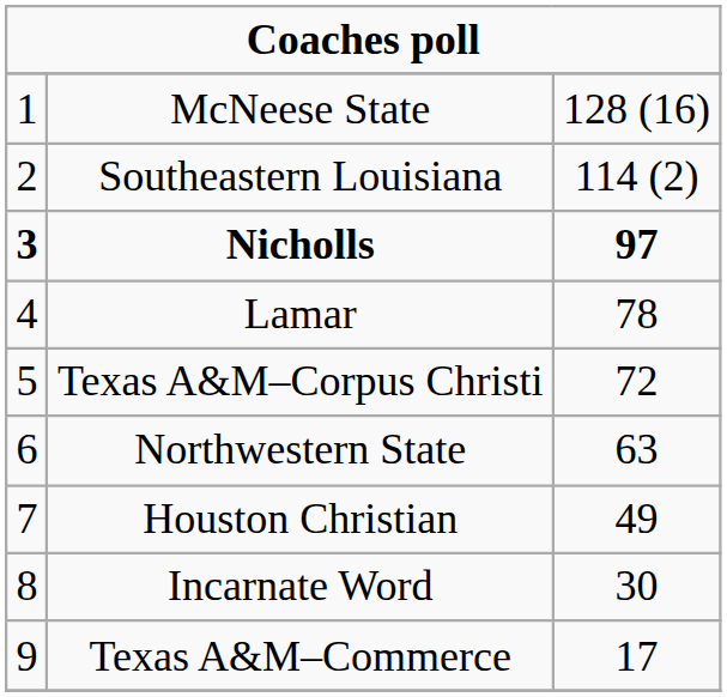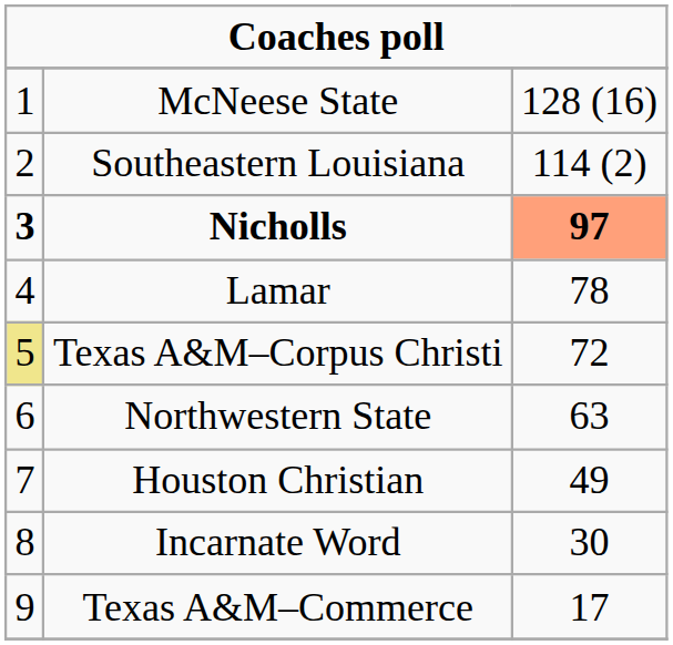 <table class="wikitable">
 <tr align="center">
 <td align="center" Colspan="3"><strong>Coaches poll</strong></td>
 </tr>
 <tr align="center">
 </tr>
 <tr align="center">
 <td>1</td>
 <td>McNeese State</td>
 <td>128 (16)</td>
 </tr>
 <tr align="center">
 <td>2</td>
 <td>Southeastern Louisiana</td>
 <td>114 (2)</td>
 </tr>
 <tr align="center">
 <td><strong>3</strong></td>
 <td><strong>Nicholls</strong></td>
-<td><strong>97</strong></td>
+<td style="background: lightsalmon;"><strong>97</strong></td>
 </tr>
 <tr align="center">
 <td>4</td>
 <td>Lamar</td>
 <td>78</td>
 </tr>
 <tr align="center">
-<td>5</td>
+<td style="background: khaki;">5</td>
 <td>Texas A&M–Corpus Christi</td>
 <td>72</td>
 </tr>
 <tr align="center">
 <td>6</td>
 <td>Northwestern State</td>
 <td>63</td>
 </tr>
 <tr align="center">
 <td>7</td>
 <td>Houston Christian</td>
 <td>49</td>
 </tr>
 <tr align="center">
 <td>8</td>
 <td>Incarnate Word</td>
 <td>30</td>
 </tr>
 <tr align="center">
 <td>9</td>
 <td>Texas A&M–Commerce</td>
 <td>17</td>
 </tr>
 <tr align="center">
 </tr>
 </table>
